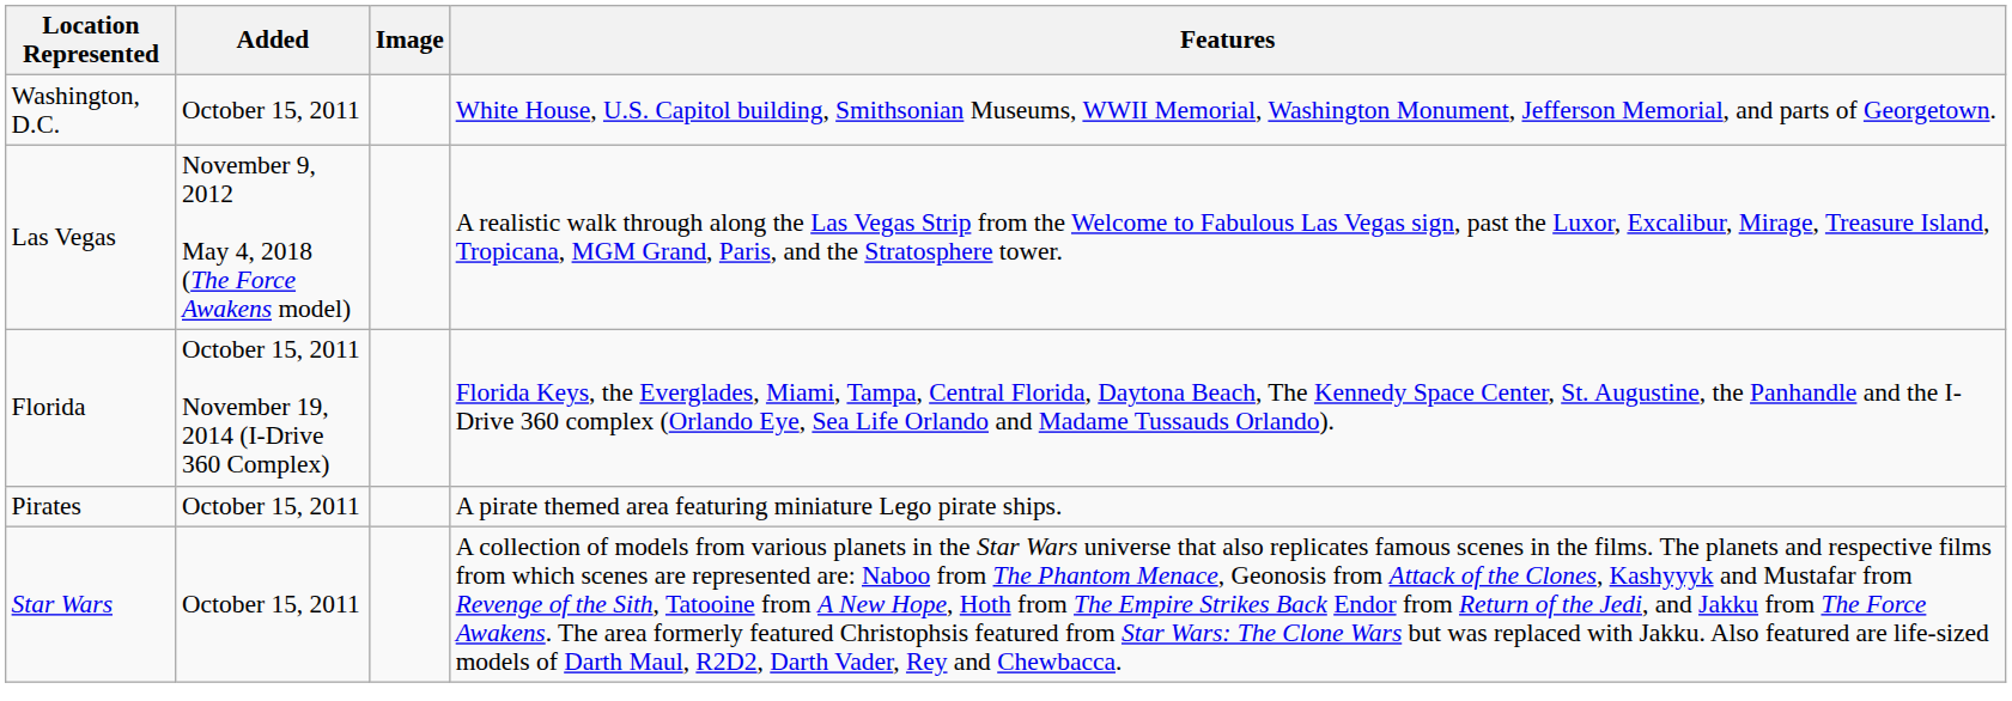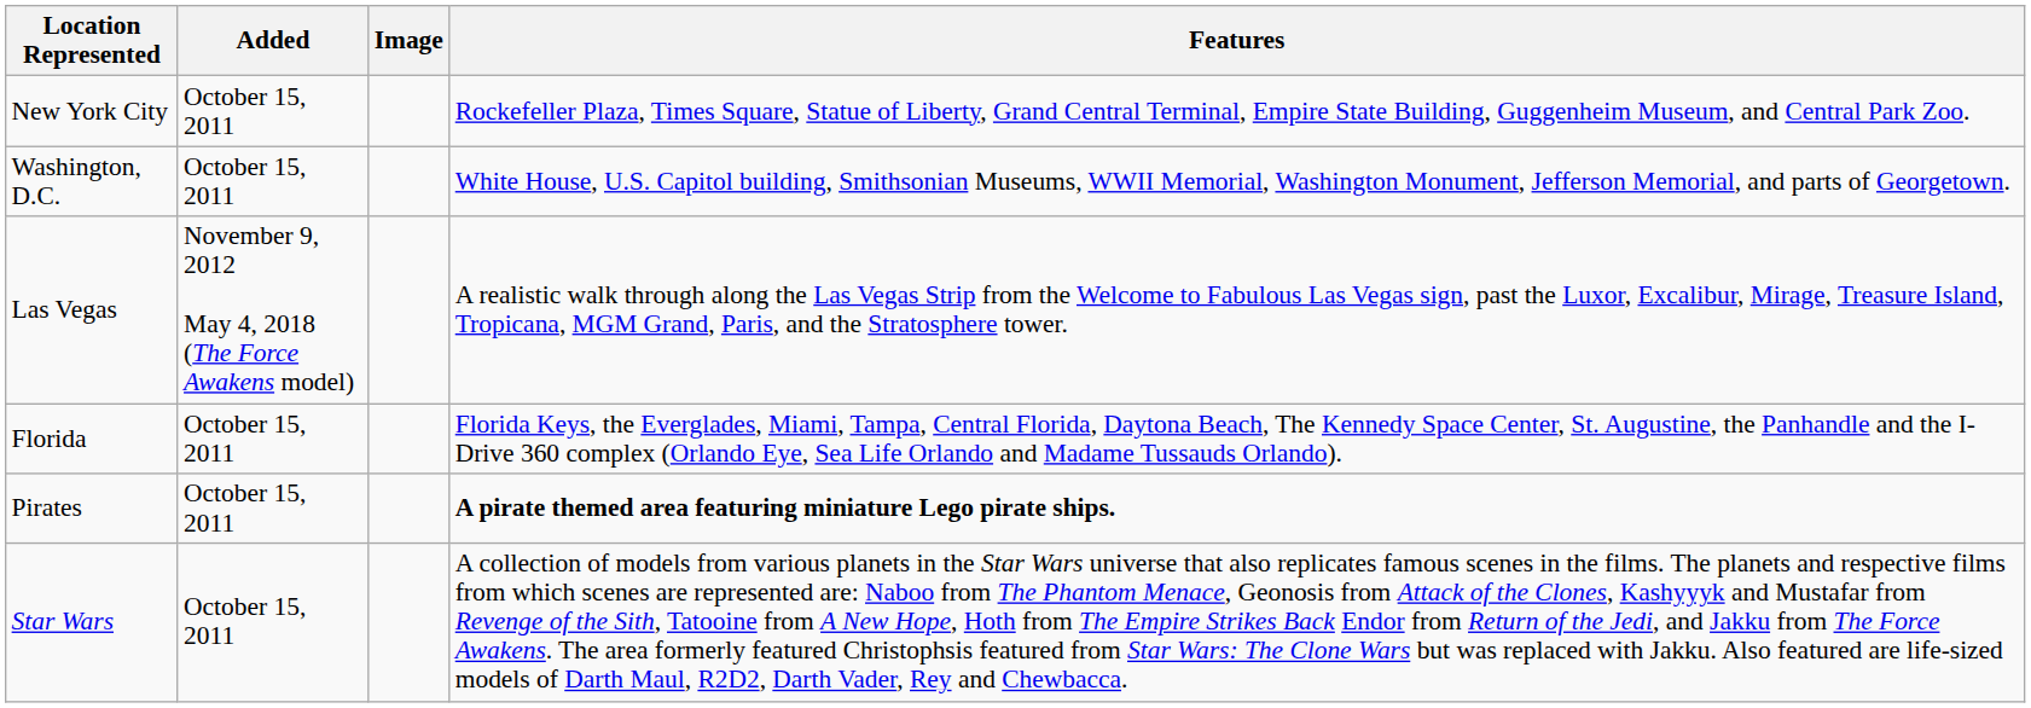 <table class="wikitable sortable">
 <tr>
 <th scope="col">Location Represented</th>
 <th scope="col">Added</th>
 <th scope="col" class="unsortable">Image</th>
 <th scope="col" class="unsortable">Features</th>
+</tr>
+<tr>
+<td>New York City</td>
+<td>October 15, 2011</td>
+<td></td>
+<td><a href='#'>Rockefeller Plaza</a>, <a href='#'>Times Square</a>, <a href='#'>Statue of Liberty</a>, <a href='#'>Grand Central Terminal</a>, <a href='#'>Empire State Building</a>, <a href='#'>Guggenheim Museum</a>, and <a href='#'>Central Park Zoo</a>.</td>
 </tr>
 <tr>
 <td>Washington, D.C.</td>
 <td>October 15, 2011</td>
 <td></td>
 <td><a href='#'>White House</a>, <a href='#'>U.S. Capitol building</a>, <a href='#'>Smithsonian</a> Museums, <a href='#'>WWII Memorial</a>, <a href='#'>Washington Monument</a>, <a href='#'>Jefferson Memorial</a>, and parts of <a href='#'>Georgetown</a>.</td>
 </tr>
 <tr>
 <td>Las Vegas</td>
 <td>November 9, 2012<br><br>May 4, 2018 (<em><a href='#'>The Force Awakens</a></em> model)</td>
 <td></td>
 <td>A realistic walk through along the <a href='#'>Las Vegas Strip</a> from the <a href='#'>Welcome to Fabulous Las Vegas sign</a>, past the <a href='#'>Luxor</a>, <a href='#'>Excalibur</a>, <a href='#'>Mirage</a>, <a href='#'>Treasure Island</a>, <a href='#'>Tropicana</a>, <a href='#'>MGM Grand</a>, <a href='#'>Paris</a>, and the <a href='#'>Stratosphere</a> tower.</td>
 </tr>
 <tr>
 <td>Florida</td>
-<td>October 15, 2011<br><br>November 19, 2014 (I-Drive 360 Complex)</td>
+<td>October 15, 2011</td>
 <td></td>
 <td><a href='#'>Florida Keys</a>, the <a href='#'>Everglades</a>, <a href='#'>Miami</a>, <a href='#'>Tampa</a>, <a href='#'>Central Florida</a>, <a href='#'>Daytona Beach</a>, The <a href='#'>Kennedy Space Center</a>, <a href='#'>St. Augustine</a>, the <a href='#'>Panhandle</a> and the I-Drive 360 complex (<a href='#'>Orlando Eye</a>, <a href='#'>Sea Life Orlando</a> and <a href='#'>Madame Tussauds Orlando</a>).</td>
 </tr>
 <tr>
 <td>Pirates</td>
 <td>October 15, 2011</td>
 <td></td>
-<td>A pirate themed area featuring miniature Lego pirate ships.</td>
+<td><strong>A pirate themed area featuring miniature Lego pirate ships.</strong></td>
 </tr>
 <tr>
 <td><em><a href='#'>Star Wars</a></em></td>
 <td>October 15, 2011</td>
 <td></td>
 <td>A collection of models from various planets in the <em>Star Wars</em> universe that also replicates famous scenes in the films.  The planets and respective films from which scenes are represented are: <a href='#'>Naboo</a> from <em><a href='#'>The Phantom Menace</a></em>, Geonosis from <em><a href='#'>Attack of the Clones</a></em>, <a href='#'>Kashyyyk</a> and Mustafar from <em><a href='#'>Revenge of the Sith</a></em>, <a href='#'>Tatooine</a> from <em><a href='#'>A New Hope</a></em>, <a href='#'>Hoth</a> from <em><a href='#'>The Empire Strikes Back</a></em> <a href='#'>Endor</a> from <em><a href='#'>Return of the Jedi</a></em>, and <a href='#'>Jakku</a> from <em><a href='#'>The Force Awakens</a></em>.  The area formerly featured Christophsis featured from <em><a href='#'>Star Wars: The Clone Wars</a></em> but was replaced with Jakku.  Also featured are life-sized models of <a href='#'>Darth Maul</a>, <a href='#'>R2D2</a>, <a href='#'>Darth Vader</a>, <a href='#'>Rey</a> and <a href='#'>Chewbacca</a>.</td>
 </tr>
 </table>
